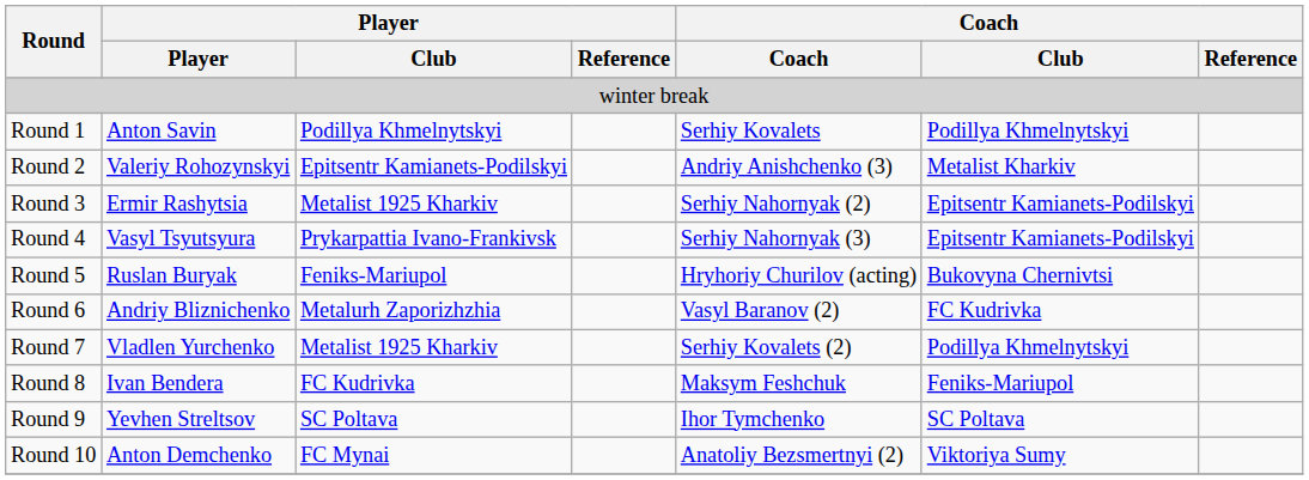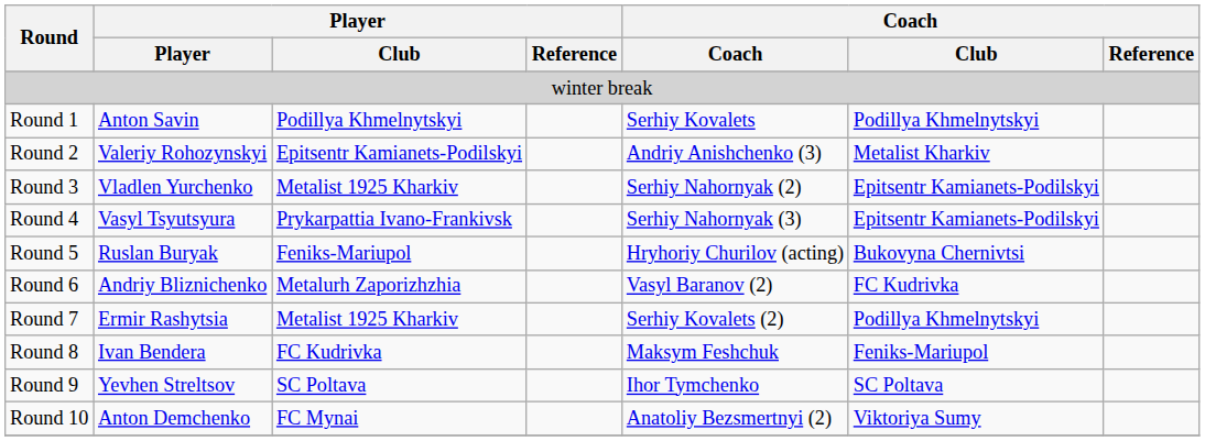 <table class="wikitable collapsible autocollapse" style="text-align:left; font-size:85%">
 <tr>
 <th rowspan="2">Round</th>
 <th colspan="3">Player</th>
 <th colspan="3">Coach</th>
 </tr>
 <tr>
 <th>Player</th>
 <th>Club</th>
 <th>Reference</th>
 <th>Coach</th>
 <th>Club</th>
 <th>Reference</th>
 </tr>
 <tr>
 <td colspan=7 align=center bgcolor=lightgrey>winter break</td>
 </tr>
 <tr>
 <td>Round 1</td>
 <td> <a href='#'>Anton Savin</a></td>
 <td><a href='#'>Podillya Khmelnytskyi</a></td>
 <td align=center></td>
 <td> <a href='#'>Serhiy Kovalets</a></td>
 <td><a href='#'>Podillya Khmelnytskyi</a></td>
 <td align=center></td>
 </tr>
 <tr>
 <td>Round 2</td>
 <td> <a href='#'>Valeriy Rohozynskyi</a></td>
 <td><a href='#'>Epitsentr Kamianets-Podilskyi</a></td>
 <td align=center></td>
 <td> <a href='#'>Andriy Anishchenko</a> (3)</td>
 <td><a href='#'>Metalist Kharkiv</a></td>
 <td align=center></td>
 </tr>
 <tr>
 <td>Round 3</td>
-<td> <a href='#'>Ermir Rashytsia</a></td>
+<td> <a href='#'>Vladlen Yurchenko</a></td>
 <td><a href='#'>Metalist 1925 Kharkiv</a></td>
 <td align=center></td>
 <td> <a href='#'>Serhiy Nahornyak</a> (2)</td>
 <td><a href='#'>Epitsentr Kamianets-Podilskyi</a></td>
 <td align=center></td>
 </tr>
 <tr>
 <td>Round 4</td>
 <td> <a href='#'>Vasyl Tsyutsyura</a></td>
 <td><a href='#'>Prykarpattia Ivano-Frankivsk</a></td>
 <td align=center></td>
 <td> <a href='#'>Serhiy Nahornyak</a> (3)</td>
 <td><a href='#'>Epitsentr Kamianets-Podilskyi</a></td>
 <td align=center></td>
 </tr>
 <tr>
 <td>Round 5</td>
 <td> <a href='#'>Ruslan Buryak</a></td>
 <td><a href='#'>Feniks-Mariupol</a></td>
 <td align=center></td>
 <td> <a href='#'>Hryhoriy Churilov</a> (acting)</td>
 <td><a href='#'>Bukovyna Chernivtsi</a></td>
 <td align=center></td>
 </tr>
 <tr>
 <td>Round 6</td>
 <td> <a href='#'>Andriy Bliznichenko</a></td>
 <td><a href='#'>Metalurh Zaporizhzhia</a></td>
 <td align=center></td>
 <td> <a href='#'>Vasyl Baranov</a> (2)</td>
 <td><a href='#'>FC Kudrivka</a></td>
 <td align=center></td>
 </tr>
 <tr>
 <td>Round 7</td>
-<td> <a href='#'>Vladlen Yurchenko</a></td>
+<td> <a href='#'>Ermir Rashytsia</a></td>
 <td><a href='#'>Metalist 1925 Kharkiv</a></td>
 <td align=center></td>
 <td> <a href='#'>Serhiy Kovalets</a> (2)</td>
 <td><a href='#'>Podillya Khmelnytskyi</a></td>
 <td align=center></td>
 </tr>
 <tr>
 <td>Round 8</td>
 <td> <a href='#'>Ivan Bendera</a></td>
 <td><a href='#'>FC Kudrivka</a></td>
 <td align=center></td>
 <td> <a href='#'>Maksym Feshchuk</a></td>
 <td><a href='#'>Feniks-Mariupol</a></td>
 <td align=center></td>
 </tr>
 <tr>
 <td>Round 9</td>
 <td> <a href='#'>Yevhen Streltsov</a></td>
 <td><a href='#'>SC Poltava</a></td>
 <td align=center></td>
 <td> <a href='#'>Ihor Tymchenko</a></td>
 <td><a href='#'>SC Poltava</a></td>
 <td align=center></td>
 </tr>
 <tr>
 <td>Round 10</td>
 <td> <a href='#'>Anton Demchenko</a></td>
 <td><a href='#'>FC Mynai</a></td>
 <td align=center></td>
 <td> <a href='#'>Anatoliy Bezsmertnyi</a> (2)</td>
 <td><a href='#'>Viktoriya Sumy</a></td>
 <td align=center></td>
 </tr>
 <tr>
 </tr>
 </table>
